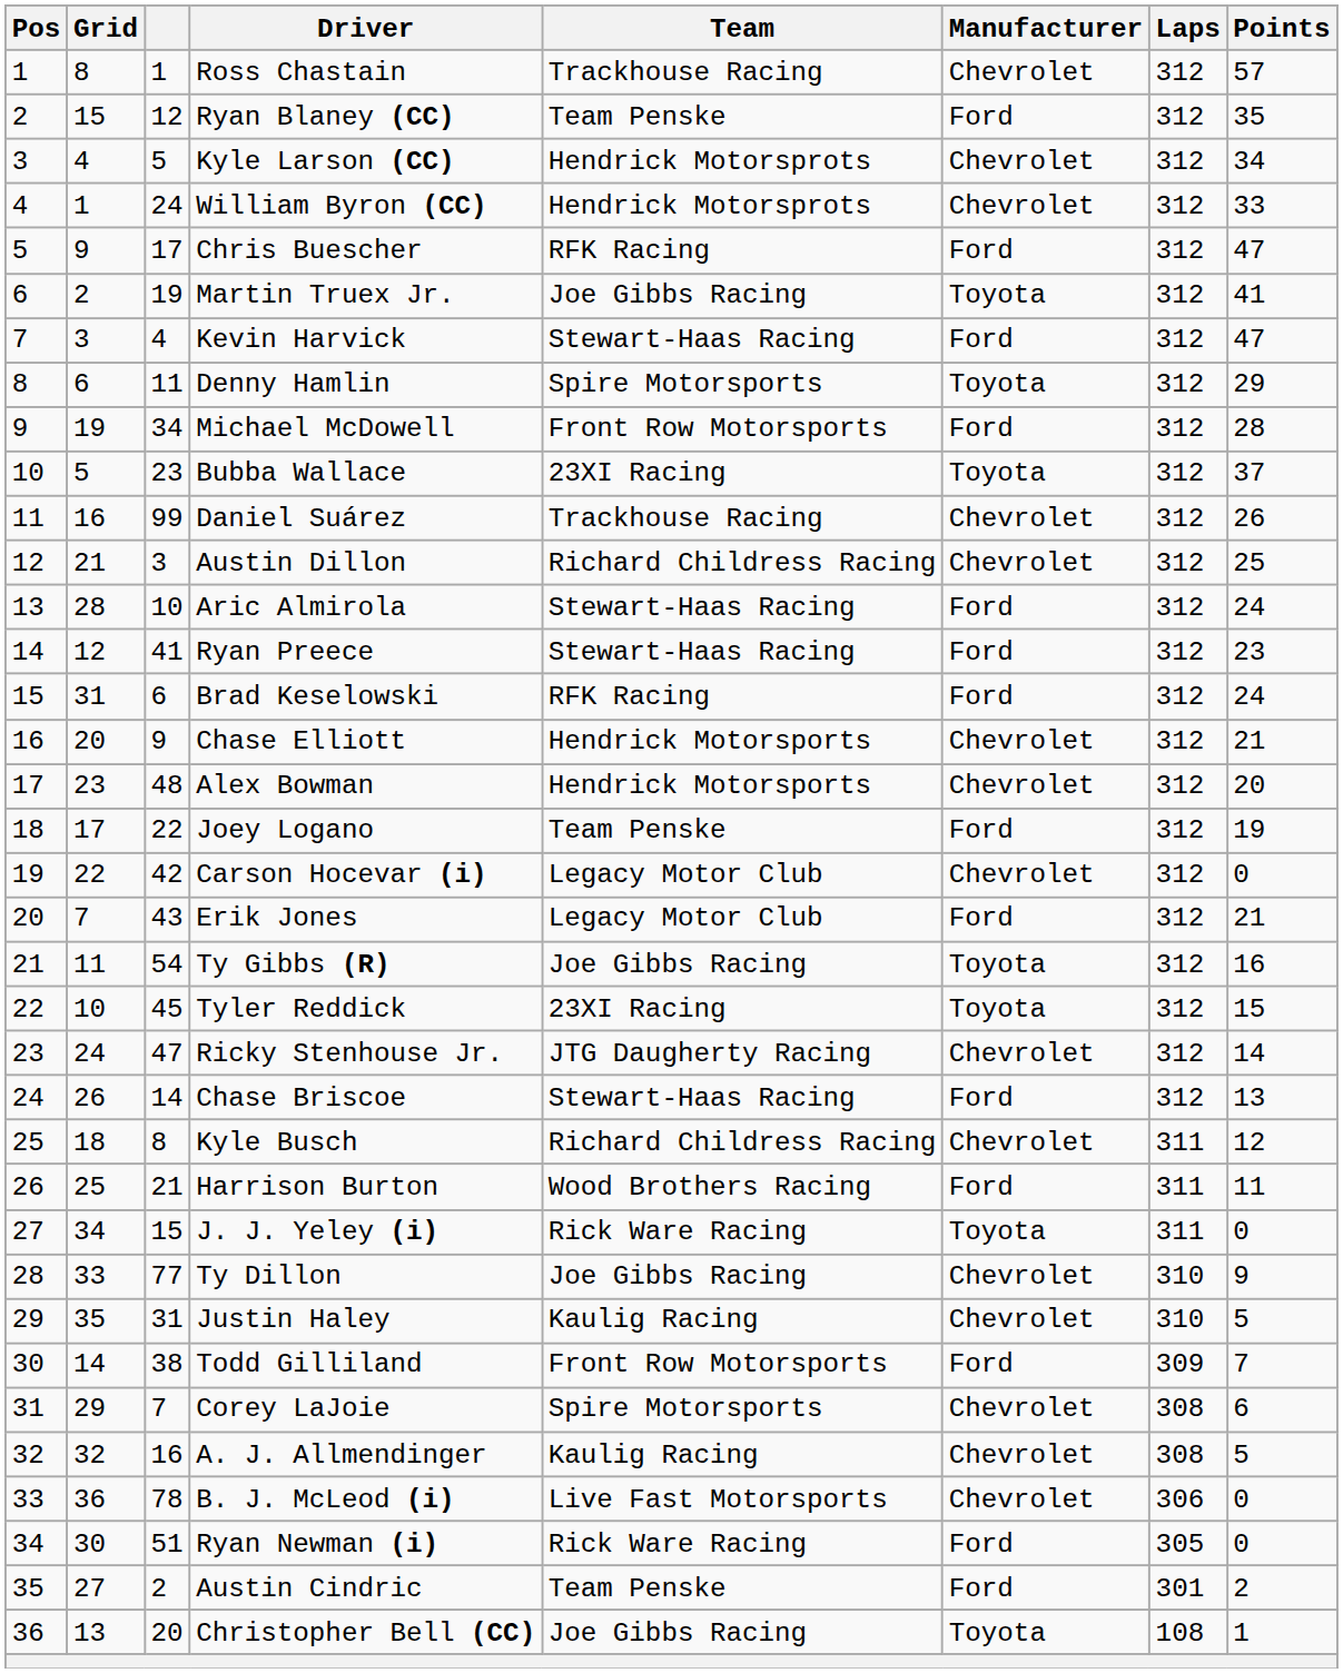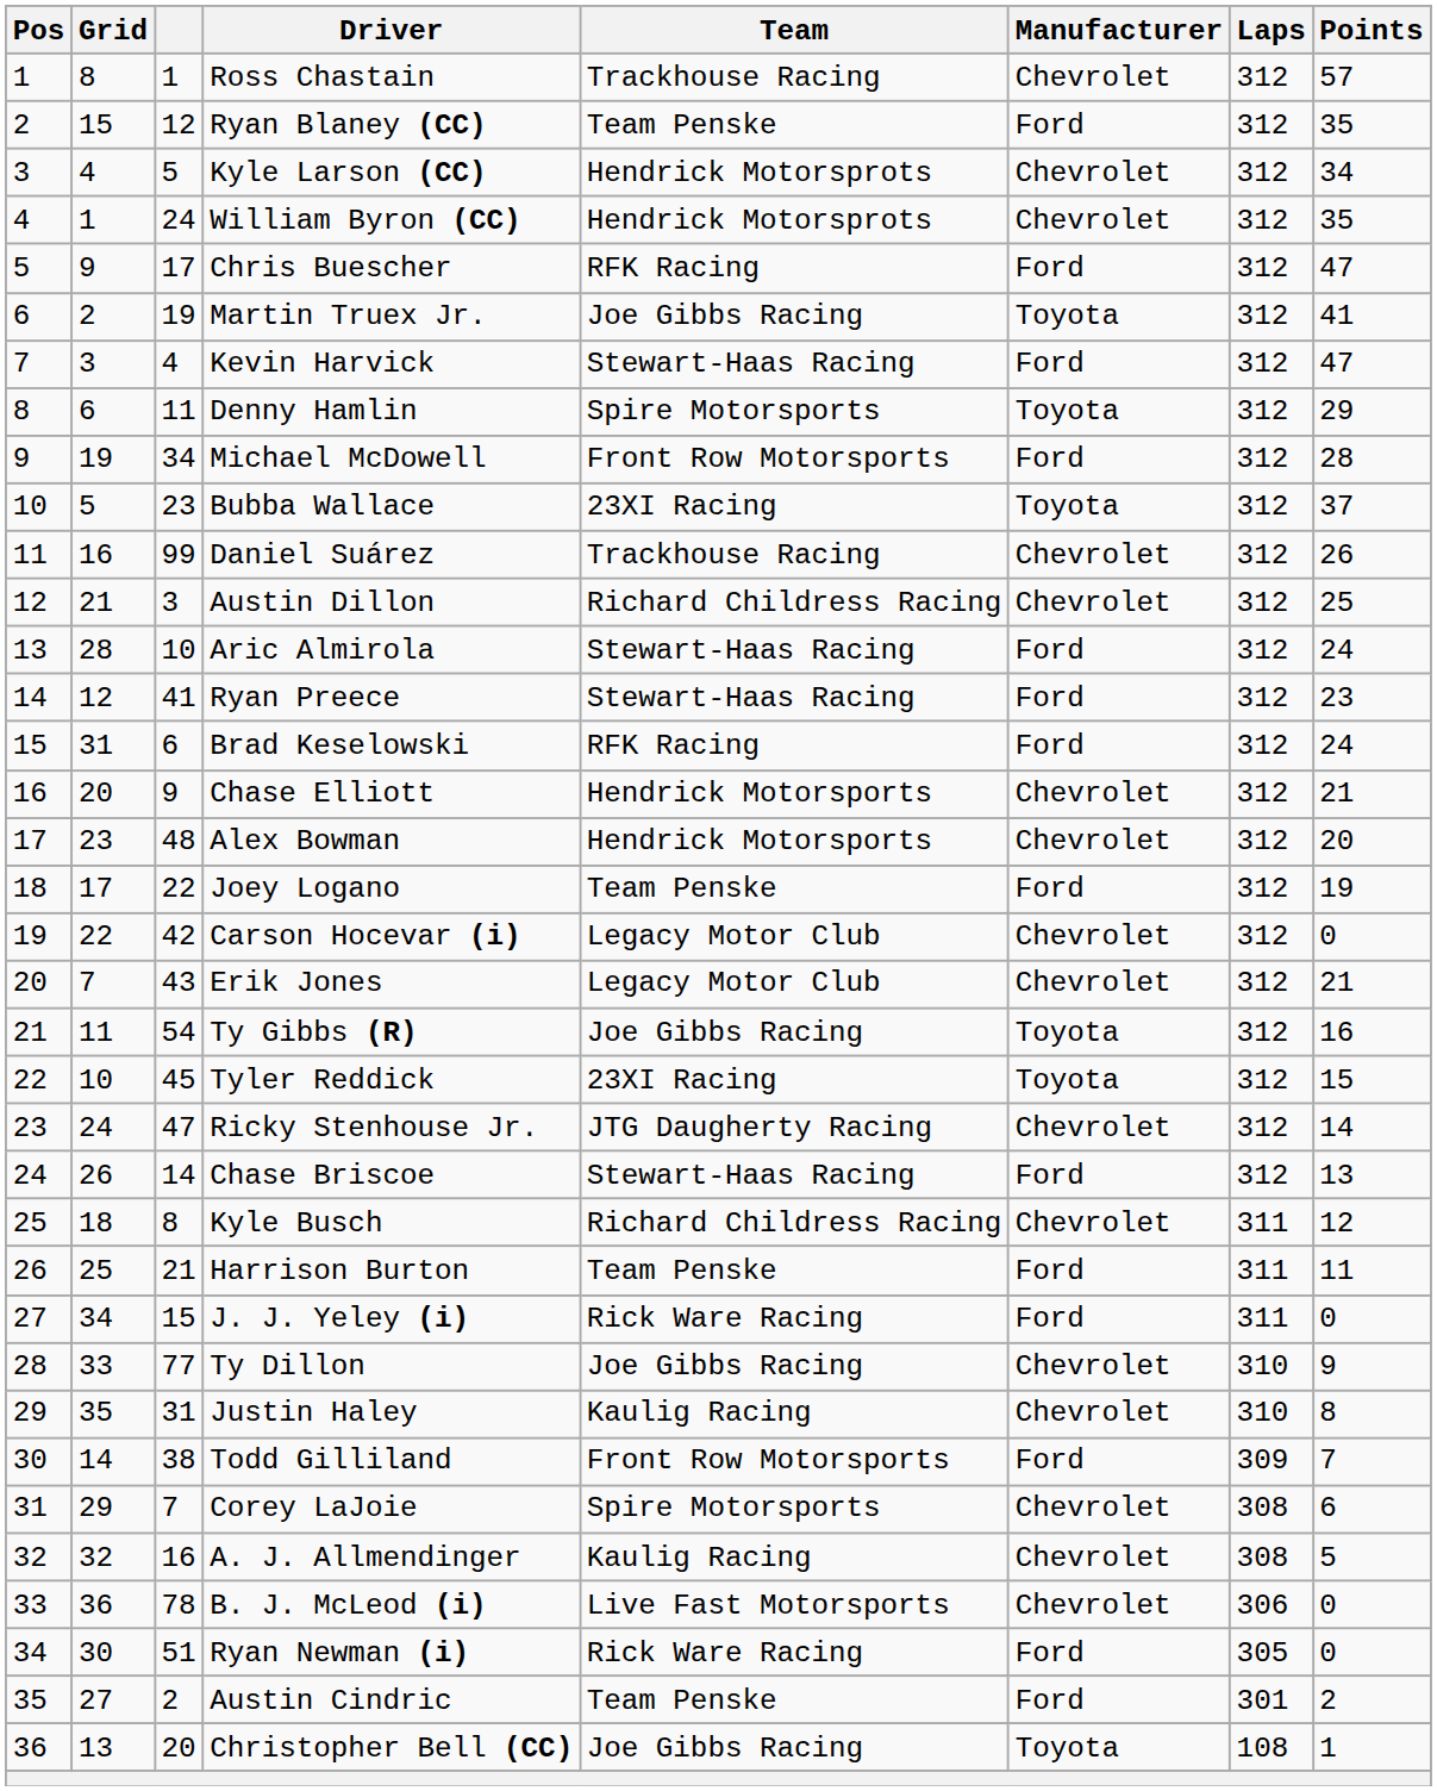 <table class="wikitable" style="font-size:98%">
 <tr>
 <th>Pos</th>
 <th>Grid</th>
 <th></th>
 <th>Driver</th>
 <th>Team</th>
 <th>Manufacturer</th>
 <th>Laps</th>
 <th>Points</th>
 </tr>
 <tr>
 <td>1</td>
 <td>8</td>
 <td>1</td>
 <td>Ross Chastain</td>
 <td>Trackhouse Racing</td>
 <td>Chevrolet</td>
 <td>312</td>
 <td>57</td>
 </tr>
 <tr>
 <td>2</td>
 <td>15</td>
 <td>12</td>
 <td>Ryan Blaney <strong>(CC)</strong></td>
 <td>Team Penske</td>
 <td>Ford</td>
 <td>312</td>
 <td>35</td>
 </tr>
 <tr>
 <td>3</td>
 <td>4</td>
 <td>5</td>
 <td>Kyle Larson <strong>(CC)</strong></td>
 <td>Hendrick Motorsprots</td>
 <td>Chevrolet</td>
 <td>312</td>
 <td>34</td>
 </tr>
 <tr>
 <td>4</td>
 <td>1</td>
 <td>24</td>
 <td>William Byron <strong>(CC)</strong></td>
 <td>Hendrick Motorsprots</td>
 <td>Chevrolet</td>
 <td>312</td>
-<td>33</td>
+<td>35</td>
 </tr>
 <tr>
 <td>5</td>
 <td>9</td>
 <td>17</td>
 <td>Chris Buescher</td>
 <td>RFK Racing</td>
 <td>Ford</td>
 <td>312</td>
 <td>47</td>
 </tr>
 <tr>
 <td>6</td>
 <td>2</td>
 <td>19</td>
 <td>Martin Truex Jr.</td>
 <td>Joe Gibbs Racing</td>
 <td>Toyota</td>
 <td>312</td>
 <td>41</td>
 </tr>
 <tr>
 <td>7</td>
 <td>3</td>
 <td>4</td>
 <td>Kevin Harvick</td>
 <td>Stewart-Haas Racing</td>
 <td>Ford</td>
 <td>312</td>
 <td>47</td>
 </tr>
 <tr>
 <td>8</td>
 <td>6</td>
 <td>11</td>
 <td>Denny Hamlin</td>
 <td>Spire Motorsports</td>
 <td>Toyota</td>
 <td>312</td>
 <td>29</td>
 </tr>
 <tr>
 <td>9</td>
 <td>19</td>
 <td>34</td>
 <td>Michael McDowell</td>
 <td>Front Row Motorsports</td>
 <td>Ford</td>
 <td>312</td>
 <td>28</td>
 </tr>
 <tr>
 <td>10</td>
 <td>5</td>
 <td>23</td>
 <td>Bubba Wallace</td>
 <td>23XI Racing</td>
 <td>Toyota</td>
 <td>312</td>
 <td>37</td>
 </tr>
 <tr>
 <td>11</td>
 <td>16</td>
 <td>99</td>
 <td>Daniel Suárez</td>
 <td>Trackhouse Racing</td>
 <td>Chevrolet</td>
 <td>312</td>
 <td>26</td>
 </tr>
 <tr>
 <td>12</td>
 <td>21</td>
 <td>3</td>
 <td>Austin Dillon</td>
 <td>Richard Childress Racing</td>
 <td>Chevrolet</td>
 <td>312</td>
 <td>25</td>
 </tr>
 <tr>
 <td>13</td>
 <td>28</td>
 <td>10</td>
 <td>Aric Almirola</td>
 <td>Stewart-Haas Racing</td>
 <td>Ford</td>
 <td>312</td>
 <td>24</td>
 </tr>
 <tr>
 <td>14</td>
 <td>12</td>
 <td>41</td>
 <td>Ryan Preece</td>
 <td>Stewart-Haas Racing</td>
 <td>Ford</td>
 <td>312</td>
 <td>23</td>
 </tr>
 <tr>
 <td>15</td>
 <td>31</td>
 <td>6</td>
 <td>Brad Keselowski</td>
 <td>RFK Racing</td>
 <td>Ford</td>
 <td>312</td>
 <td>24</td>
 </tr>
 <tr>
 <td>16</td>
 <td>20</td>
 <td>9</td>
 <td>Chase Elliott</td>
 <td>Hendrick Motorsports</td>
 <td>Chevrolet</td>
 <td>312</td>
 <td>21</td>
 </tr>
 <tr>
 <td>17</td>
 <td>23</td>
 <td>48</td>
 <td>Alex Bowman</td>
 <td>Hendrick Motorsports</td>
 <td>Chevrolet</td>
 <td>312</td>
 <td>20</td>
 </tr>
 <tr>
 <td>18</td>
 <td>17</td>
 <td>22</td>
 <td>Joey Logano</td>
 <td>Team Penske</td>
 <td>Ford</td>
 <td>312</td>
 <td>19</td>
 </tr>
 <tr>
 <td>19</td>
 <td>22</td>
 <td>42</td>
 <td>Carson Hocevar <strong>(i)</strong></td>
 <td>Legacy Motor Club</td>
 <td>Chevrolet</td>
 <td>312</td>
 <td>0</td>
 </tr>
 <tr>
 <td>20</td>
 <td>7</td>
 <td>43</td>
 <td>Erik Jones</td>
 <td>Legacy Motor Club</td>
-<td>Ford</td>
+<td>Chevrolet</td>
 <td>312</td>
 <td>21</td>
 </tr>
 <tr>
 <td>21</td>
 <td>11</td>
 <td>54</td>
 <td>Ty Gibbs <strong>(R)</strong></td>
 <td>Joe Gibbs Racing</td>
 <td>Toyota</td>
 <td>312</td>
 <td>16</td>
 </tr>
 <tr>
 <td>22</td>
 <td>10</td>
 <td>45</td>
 <td>Tyler Reddick</td>
 <td>23XI Racing</td>
 <td>Toyota</td>
 <td>312</td>
 <td>15</td>
 </tr>
 <tr>
 <td>23</td>
 <td>24</td>
 <td>47</td>
 <td>Ricky Stenhouse Jr.</td>
 <td>JTG Daugherty Racing</td>
 <td>Chevrolet</td>
 <td>312</td>
 <td>14</td>
 </tr>
 <tr>
 <td>24</td>
 <td>26</td>
 <td>14</td>
 <td>Chase Briscoe</td>
 <td>Stewart-Haas Racing</td>
 <td>Ford</td>
 <td>312</td>
 <td>13</td>
 </tr>
 <tr>
 <td>25</td>
 <td>18</td>
 <td>8</td>
 <td>Kyle Busch</td>
 <td>Richard Childress Racing</td>
 <td>Chevrolet</td>
 <td>311</td>
 <td>12</td>
 </tr>
 <tr>
 <td>26</td>
 <td>25</td>
 <td>21</td>
 <td>Harrison Burton</td>
-<td>Wood Brothers Racing</td>
+<td>Team Penske</td>
 <td>Ford</td>
 <td>311</td>
 <td>11</td>
 </tr>
 <tr>
 <td>27</td>
 <td>34</td>
 <td>15</td>
 <td>J. J. Yeley <strong>(i)</strong></td>
 <td>Rick Ware Racing</td>
-<td>Toyota</td>
+<td>Ford</td>
 <td>311</td>
 <td>0</td>
 </tr>
 <tr>
 <td>28</td>
 <td>33</td>
 <td>77</td>
 <td>Ty Dillon</td>
 <td>Joe Gibbs Racing</td>
 <td>Chevrolet</td>
 <td>310</td>
 <td>9</td>
 </tr>
 <tr>
 <td>29</td>
 <td>35</td>
 <td>31</td>
 <td>Justin Haley</td>
 <td>Kaulig Racing</td>
 <td>Chevrolet</td>
 <td>310</td>
-<td>5</td>
+<td>8</td>
 </tr>
 <tr>
 <td>30</td>
 <td>14</td>
 <td>38</td>
 <td>Todd Gilliland</td>
 <td>Front Row Motorsports</td>
 <td>Ford</td>
 <td>309</td>
 <td>7</td>
 </tr>
 <tr>
 <td>31</td>
 <td>29</td>
 <td>7</td>
 <td>Corey LaJoie</td>
 <td>Spire Motorsports</td>
 <td>Chevrolet</td>
 <td>308</td>
 <td>6</td>
 </tr>
 <tr>
 <td>32</td>
 <td>32</td>
 <td>16</td>
 <td>A. J. Allmendinger</td>
 <td>Kaulig Racing</td>
 <td>Chevrolet</td>
 <td>308</td>
 <td>5</td>
 </tr>
 <tr>
 <td>33</td>
 <td>36</td>
 <td>78</td>
 <td>B. J. McLeod <strong>(i)</strong></td>
 <td>Live Fast Motorsports</td>
 <td>Chevrolet</td>
 <td>306</td>
 <td>0</td>
 </tr>
 <tr>
 <td>34</td>
 <td>30</td>
 <td>51</td>
 <td>Ryan Newman <strong>(i)</strong></td>
 <td>Rick Ware Racing</td>
 <td>Ford</td>
 <td>305</td>
 <td>0</td>
 </tr>
 <tr>
 <td>35</td>
 <td>27</td>
 <td>2</td>
 <td>Austin Cindric</td>
 <td>Team Penske</td>
 <td>Ford</td>
 <td>301</td>
 <td>2</td>
 </tr>
 <tr>
 <td>36</td>
 <td>13</td>
 <td>20</td>
 <td>Christopher Bell <strong>(CC)</strong></td>
 <td>Joe Gibbs Racing</td>
 <td>Toyota</td>
 <td>108</td>
 <td>1</td>
 </tr>
 <tr>
 <th colspan="8"></th>
 </tr>
 </table>
